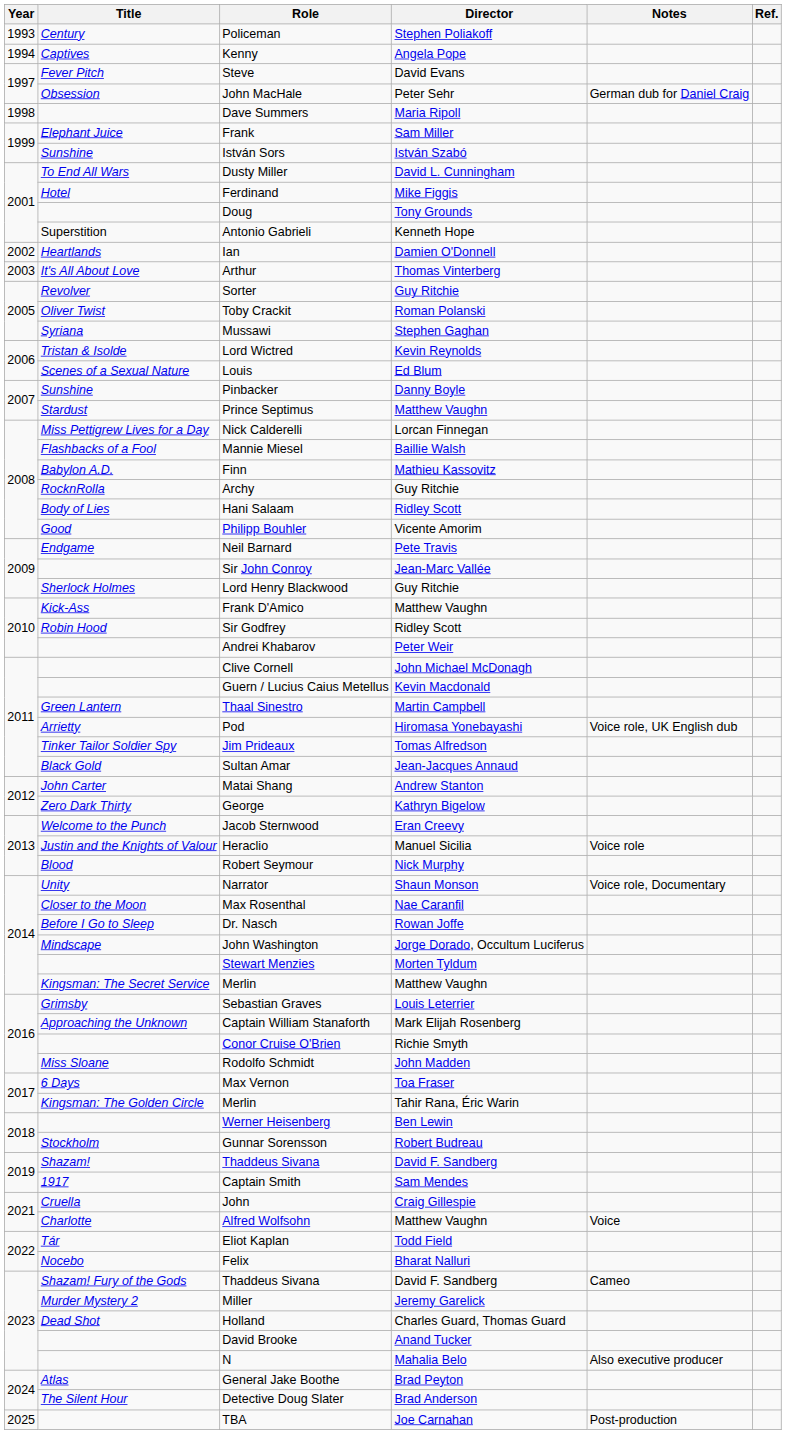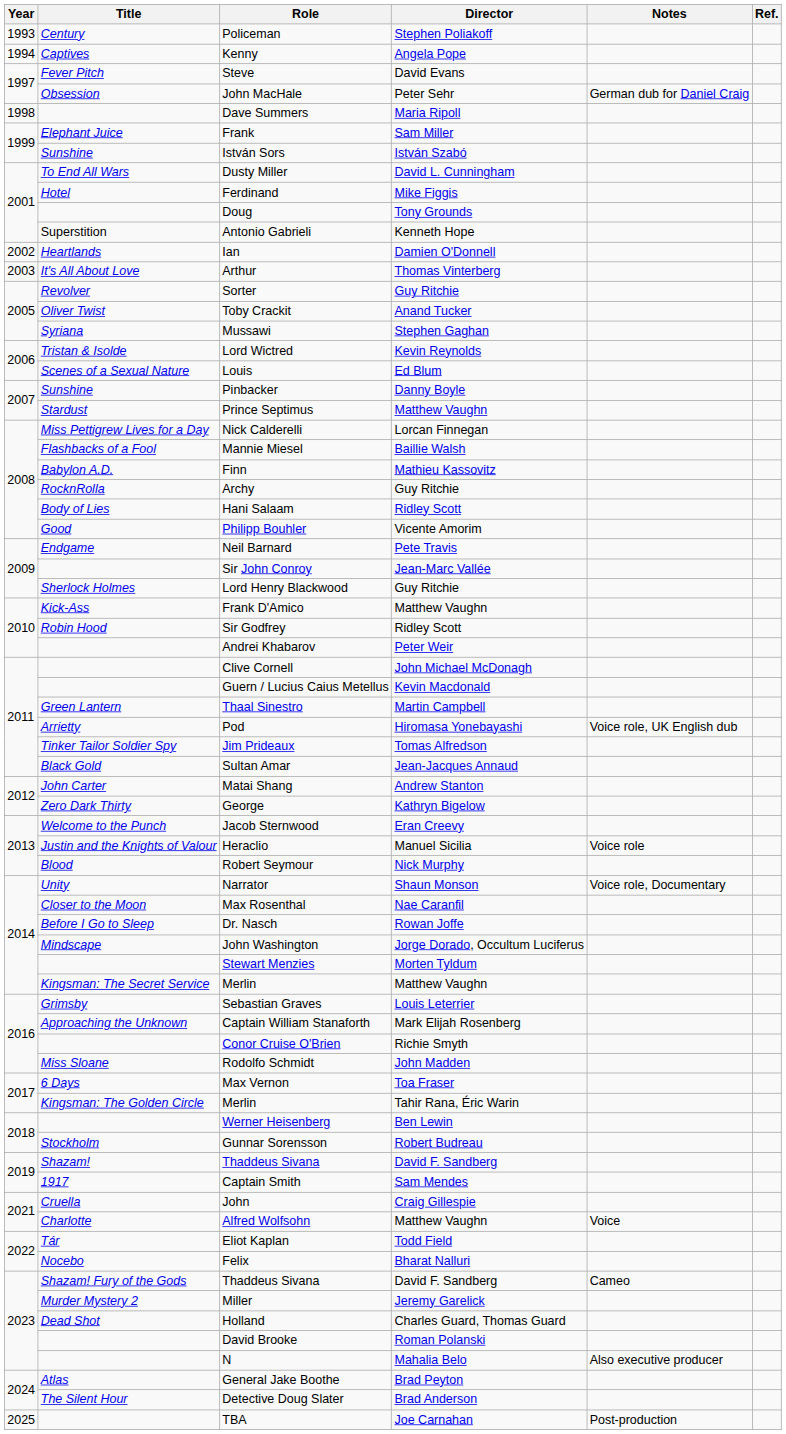 <table class="wikitable sortable">
 <tr>
 <th>Year</th>
 <th>Title</th>
 <th>Role</th>
 <th>Director</th>
 <th class="unsortable">Notes</th>
 <th>Ref.</th>
 </tr>
 <tr>
 <td>1993</td>
 <td><em><a href='#'>Century</a></em></td>
 <td>Policeman</td>
 <td><a href='#'>Stephen Poliakoff</a></td>
 <td></td>
 <td></td>
 </tr>
 <tr>
 <td>1994</td>
 <td><em><a href='#'>Captives</a></em></td>
 <td>Kenny</td>
 <td><a href='#'>Angela Pope</a></td>
 <td></td>
 <td></td>
 </tr>
 <tr>
 <td rowspan="2">1997</td>
 <td><em><a href='#'>Fever Pitch</a></em></td>
 <td>Steve</td>
 <td>David Evans</td>
 <td></td>
 <td></td>
 </tr>
 <tr>
 <td><em><a href='#'>Obsession</a></em></td>
 <td>John MacHale</td>
 <td>Peter Sehr</td>
 <td>German dub for <a href='#'>Daniel Craig</a></td>
 <td></td>
 </tr>
 <tr>
 <td>1998</td>
 <td><em></em></td>
 <td>Dave Summers</td>
 <td><a href='#'>Maria Ripoll</a></td>
 <td></td>
 <td></td>
 </tr>
 <tr>
 <td rowspan="2">1999</td>
 <td><em><a href='#'>Elephant Juice</a></em></td>
 <td>Frank</td>
 <td><a href='#'>Sam Miller</a></td>
 <td></td>
 <td></td>
 </tr>
 <tr>
 <td><em><a href='#'>Sunshine</a></em></td>
 <td>István Sors</td>
 <td><a href='#'>István Szabó</a></td>
 <td></td>
 <td></td>
 </tr>
 <tr>
 <td rowspan="4">2001</td>
 <td><em><a href='#'>To End All Wars</a></em></td>
 <td>Dusty Miller</td>
 <td><a href='#'>David L. Cunningham</a></td>
 <td></td>
 <td></td>
 </tr>
 <tr>
 <td><em><a href='#'>Hotel</a></em></td>
 <td>Ferdinand</td>
 <td><a href='#'>Mike Figgis</a></td>
 <td></td>
 <td></td>
 </tr>
 <tr>
 <td><em></em></td>
 <td>Doug</td>
 <td><a href='#'>Tony Grounds</a></td>
 <td></td>
 <td></td>
 </tr>
 <tr>
 <td>Superstition</td>
 <td>Antonio Gabrieli</td>
 <td>Kenneth Hope</td>
 <td></td>
 <td></td>
 </tr>
 <tr>
 <td>2002</td>
 <td><em><a href='#'>Heartlands</a></em></td>
 <td>Ian</td>
 <td><a href='#'>Damien O'Donnell</a></td>
 <td></td>
 <td></td>
 </tr>
 <tr>
 <td>2003</td>
 <td><em><a href='#'>It's All About Love</a></em></td>
 <td>Arthur</td>
 <td><a href='#'>Thomas Vinterberg</a></td>
 <td></td>
 <td></td>
 </tr>
 <tr>
 <td rowspan="3">2005</td>
 <td><em><a href='#'>Revolver</a></em></td>
 <td>Sorter</td>
 <td><a href='#'>Guy Ritchie</a></td>
 <td></td>
 <td></td>
 </tr>
 <tr>
 <td><em><a href='#'>Oliver Twist</a></em></td>
 <td>Toby Crackit</td>
-<td><a href='#'>Roman Polanski</a></td>
+<td><a href='#'>Anand Tucker</a></td>
 <td></td>
 <td></td>
 </tr>
 <tr>
 <td><em><a href='#'>Syriana</a></em></td>
 <td>Mussawi</td>
 <td><a href='#'>Stephen Gaghan</a></td>
 <td></td>
 <td></td>
 </tr>
 <tr>
 <td rowspan="2">2006</td>
 <td><em><a href='#'>Tristan & Isolde</a></em></td>
 <td>Lord Wictred</td>
 <td><a href='#'>Kevin Reynolds</a></td>
 <td></td>
 <td></td>
 </tr>
 <tr>
 <td><em><a href='#'>Scenes of a Sexual Nature</a></em></td>
 <td>Louis</td>
 <td><a href='#'>Ed Blum</a></td>
 <td></td>
 <td></td>
 </tr>
 <tr>
 <td rowspan="2">2007</td>
 <td><em><a href='#'>Sunshine</a></em></td>
 <td>Pinbacker</td>
 <td><a href='#'>Danny Boyle</a></td>
 <td></td>
 <td></td>
 </tr>
 <tr>
 <td><em><a href='#'>Stardust</a></em></td>
 <td>Prince Septimus</td>
 <td><a href='#'>Matthew Vaughn</a></td>
 <td></td>
 <td></td>
 </tr>
 <tr>
 <td rowspan="6">2008</td>
 <td><em><a href='#'>Miss Pettigrew Lives for a Day</a></em></td>
 <td>Nick Calderelli</td>
 <td>Lorcan Finnegan</td>
 <td></td>
 <td></td>
 </tr>
 <tr>
 <td><em><a href='#'>Flashbacks of a Fool</a></em></td>
 <td>Mannie Miesel</td>
 <td><a href='#'>Baillie Walsh</a></td>
 <td></td>
 <td></td>
 </tr>
 <tr>
 <td><em><a href='#'>Babylon A.D.</a></em></td>
 <td>Finn</td>
 <td><a href='#'>Mathieu Kassovitz</a></td>
 <td></td>
 <td></td>
 </tr>
 <tr>
 <td><em><a href='#'>RocknRolla</a></em></td>
 <td>Archy</td>
 <td>Guy Ritchie</td>
 <td></td>
 <td></td>
 </tr>
 <tr>
 <td><em><a href='#'>Body of Lies</a></em></td>
 <td>Hani Salaam</td>
 <td><a href='#'>Ridley Scott</a></td>
 <td></td>
 <td></td>
 </tr>
 <tr>
 <td><em><a href='#'>Good</a></em></td>
 <td><a href='#'>Philipp Bouhler</a></td>
 <td>Vicente Amorim</td>
 <td></td>
 <td></td>
 </tr>
 <tr>
 <td rowspan="3">2009</td>
 <td><em><a href='#'>Endgame</a></em></td>
 <td>Neil Barnard</td>
 <td><a href='#'>Pete Travis</a></td>
 <td></td>
 <td></td>
 </tr>
 <tr>
 <td><em></em></td>
 <td>Sir <a href='#'>John Conroy</a></td>
 <td><a href='#'>Jean-Marc Vallée</a></td>
 <td></td>
 <td></td>
 </tr>
 <tr>
 <td><em><a href='#'>Sherlock Holmes</a></em></td>
 <td>Lord Henry Blackwood</td>
 <td>Guy Ritchie</td>
 <td></td>
 <td></td>
 </tr>
 <tr>
 <td rowspan="3">2010</td>
 <td><em><a href='#'>Kick-Ass</a></em></td>
 <td>Frank D'Amico</td>
 <td>Matthew Vaughn</td>
 <td></td>
 <td></td>
 </tr>
 <tr>
 <td><em><a href='#'>Robin Hood</a></em></td>
 <td>Sir Godfrey</td>
 <td>Ridley Scott</td>
 <td></td>
 <td></td>
 </tr>
 <tr>
 <td><em></em></td>
 <td>Andrei Khabarov</td>
 <td><a href='#'>Peter Weir</a></td>
 <td></td>
 <td></td>
 </tr>
 <tr>
 <td rowspan="6">2011</td>
 <td><em></em></td>
 <td>Clive Cornell</td>
 <td><a href='#'>John Michael McDonagh</a></td>
 <td></td>
 <td></td>
 </tr>
 <tr>
 <td><em></em></td>
 <td>Guern / Lucius Caius Metellus</td>
 <td><a href='#'>Kevin Macdonald</a></td>
 <td></td>
 <td></td>
 </tr>
 <tr>
 <td><em><a href='#'>Green Lantern</a></em></td>
 <td><a href='#'>Thaal Sinestro</a></td>
 <td><a href='#'>Martin Campbell</a></td>
 <td></td>
 <td></td>
 </tr>
 <tr>
 <td><em><a href='#'>Arrietty</a></em></td>
 <td>Pod</td>
 <td><a href='#'>Hiromasa Yonebayashi</a></td>
 <td>Voice role, UK English dub</td>
 <td></td>
 </tr>
 <tr>
 <td><em><a href='#'>Tinker Tailor Soldier Spy</a></em></td>
 <td><a href='#'>Jim Prideaux</a></td>
 <td><a href='#'>Tomas Alfredson</a></td>
 <td></td>
 <td></td>
 </tr>
 <tr>
 <td><em><a href='#'>Black Gold</a></em></td>
 <td>Sultan Amar</td>
 <td><a href='#'>Jean-Jacques Annaud</a></td>
 <td></td>
 <td></td>
 </tr>
 <tr>
 <td rowspan="2">2012</td>
 <td><em><a href='#'>John Carter</a></em></td>
 <td>Matai Shang</td>
 <td><a href='#'>Andrew Stanton</a></td>
 <td></td>
 <td></td>
 </tr>
 <tr>
 <td><em><a href='#'>Zero Dark Thirty</a></em></td>
 <td>George</td>
 <td><a href='#'>Kathryn Bigelow</a></td>
 <td></td>
 <td></td>
 </tr>
 <tr>
 <td rowspan="3">2013</td>
 <td><em><a href='#'>Welcome to the Punch</a></em></td>
 <td>Jacob Sternwood</td>
 <td><a href='#'>Eran Creevy</a></td>
 <td></td>
 <td></td>
 </tr>
 <tr>
 <td><em><a href='#'>Justin and the Knights of Valour</a></em></td>
 <td>Heraclio</td>
 <td>Manuel Sicilia</td>
 <td>Voice role</td>
 <td></td>
 </tr>
 <tr>
 <td><em><a href='#'>Blood</a></em></td>
 <td>Robert Seymour</td>
 <td><a href='#'>Nick Murphy</a></td>
 <td></td>
 <td></td>
 </tr>
 <tr>
 <td rowspan="6">2014</td>
 <td><em><a href='#'>Unity</a></em></td>
 <td>Narrator</td>
 <td><a href='#'>Shaun Monson</a></td>
 <td>Voice role, Documentary</td>
 <td></td>
 </tr>
 <tr>
 <td><em><a href='#'>Closer to the Moon</a></em></td>
 <td>Max Rosenthal</td>
 <td><a href='#'>Nae Caranfil</a></td>
 <td></td>
 <td></td>
 </tr>
 <tr>
 <td><em><a href='#'>Before I Go to Sleep</a></em></td>
 <td>Dr. Nasch</td>
 <td><a href='#'>Rowan Joffe</a></td>
 <td></td>
 <td></td>
 </tr>
 <tr>
 <td><em><a href='#'>Mindscape</a></em></td>
 <td>John Washington</td>
 <td><a href='#'>Jorge Dorado</a>, Occultum Luciferus</td>
 <td></td>
 <td></td>
 </tr>
 <tr>
 <td><em></em></td>
 <td><a href='#'>Stewart Menzies</a></td>
 <td><a href='#'>Morten Tyldum</a></td>
 <td></td>
 <td></td>
 </tr>
 <tr>
 <td><em><a href='#'>Kingsman: The Secret Service</a></em></td>
 <td>Merlin</td>
 <td>Matthew Vaughn</td>
 <td></td>
 <td></td>
 </tr>
 <tr>
 <td rowspan="4">2016</td>
 <td><em><a href='#'>Grimsby</a></em></td>
 <td>Sebastian Graves</td>
 <td><a href='#'>Louis Leterrier</a></td>
 <td></td>
 <td></td>
 </tr>
 <tr>
 <td><em><a href='#'>Approaching the Unknown</a></em></td>
 <td>Captain William Stanaforth</td>
 <td>Mark Elijah Rosenberg</td>
 <td></td>
 <td></td>
 </tr>
 <tr>
 <td><em></em></td>
 <td><a href='#'>Conor Cruise O'Brien</a></td>
 <td>Richie Smyth</td>
 <td></td>
 <td></td>
 </tr>
 <tr>
 <td><em><a href='#'>Miss Sloane</a></em></td>
 <td>Rodolfo Schmidt</td>
 <td><a href='#'>John Madden</a></td>
 <td></td>
 <td></td>
 </tr>
 <tr>
 <td rowspan="2">2017</td>
 <td><em><a href='#'>6 Days</a></em></td>
 <td>Max Vernon</td>
 <td><a href='#'>Toa Fraser</a></td>
 <td></td>
 <td></td>
 </tr>
 <tr>
 <td><em><a href='#'>Kingsman: The Golden Circle</a></em></td>
 <td>Merlin</td>
 <td>Tahir Rana, Éric Warin</td>
 <td></td>
 <td></td>
 </tr>
 <tr>
 <td rowspan="2">2018</td>
 <td><em></em></td>
 <td><a href='#'>Werner Heisenberg</a></td>
 <td><a href='#'>Ben Lewin</a></td>
 <td></td>
 <td></td>
 </tr>
 <tr>
 <td><em><a href='#'>Stockholm</a></em></td>
 <td>Gunnar Sorensson</td>
 <td><a href='#'>Robert Budreau</a></td>
 <td></td>
 <td></td>
 </tr>
 <tr>
 <td rowspan="2">2019</td>
 <td><em><a href='#'>Shazam!</a></em></td>
 <td><a href='#'>Thaddeus Sivana</a></td>
 <td><a href='#'>David F. Sandberg</a></td>
 <td></td>
 <td></td>
 </tr>
 <tr>
 <td><em><a href='#'>1917</a></em></td>
 <td>Captain Smith</td>
 <td><a href='#'>Sam Mendes</a></td>
 <td></td>
 <td></td>
 </tr>
 <tr>
 <td rowspan="2">2021</td>
 <td><em><a href='#'>Cruella</a></em></td>
 <td>John</td>
 <td><a href='#'>Craig Gillespie</a></td>
 <td></td>
 <td></td>
 </tr>
 <tr>
 <td><em><a href='#'>Charlotte</a></em></td>
 <td><a href='#'>Alfred Wolfsohn</a></td>
 <td>Matthew Vaughn</td>
 <td>Voice</td>
 <td></td>
 </tr>
 <tr>
 <td rowspan="2">2022</td>
 <td><em><a href='#'>Tár</a></em></td>
 <td>Eliot Kaplan</td>
 <td><a href='#'>Todd Field</a></td>
 <td></td>
 <td></td>
 </tr>
 <tr>
 <td><em><a href='#'>Nocebo</a></em></td>
 <td>Felix</td>
 <td><a href='#'>Bharat Nalluri</a></td>
 <td></td>
 <td></td>
 </tr>
 <tr>
 <td rowspan="5">2023</td>
 <td><em><a href='#'>Shazam! Fury of the Gods</a></em></td>
 <td>Thaddeus Sivana</td>
 <td>David F. Sandberg</td>
 <td>Cameo</td>
 <td></td>
 </tr>
 <tr>
 <td><em><a href='#'>Murder Mystery 2</a></em></td>
 <td>Miller</td>
 <td><a href='#'>Jeremy Garelick</a></td>
 <td></td>
 <td></td>
 </tr>
 <tr>
 <td><em><a href='#'>Dead Shot</a></em></td>
 <td>Holland</td>
 <td>Charles Guard, Thomas Guard</td>
 <td></td>
 <td></td>
 </tr>
 <tr>
 <td><em></em></td>
 <td>David Brooke</td>
-<td><a href='#'>Anand Tucker</a></td>
+<td><a href='#'>Roman Polanski</a></td>
 <td></td>
 <td></td>
 </tr>
 <tr>
 <td><em></em></td>
 <td>N</td>
 <td><a href='#'>Mahalia Belo</a></td>
 <td>Also executive producer</td>
 <td></td>
 </tr>
 <tr>
 <td rowspan="2">2024</td>
 <td><em><a href='#'>Atlas</a></em></td>
 <td>General Jake Boothe</td>
 <td><a href='#'>Brad Peyton</a></td>
 <td></td>
 <td></td>
 </tr>
 <tr>
 <td><em><a href='#'>The Silent Hour</a></em></td>
 <td>Detective Doug Slater</td>
 <td><a href='#'>Brad Anderson</a></td>
 <td></td>
 <td></td>
 </tr>
 <tr>
 <td>2025</td>
 <td></td>
 <td>TBA</td>
 <td><a href='#'>Joe Carnahan</a></td>
 <td>Post-production</td>
 <td></td>
 </tr>
 </table>
